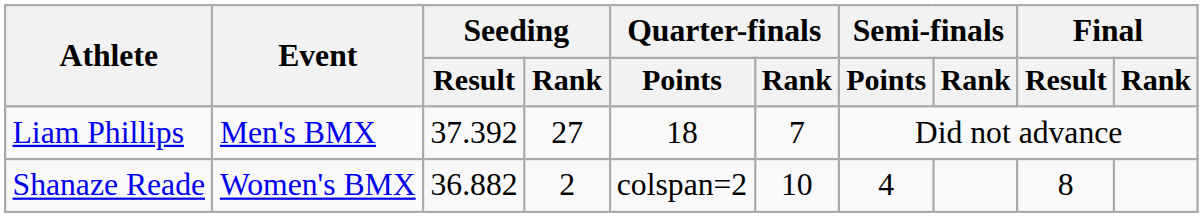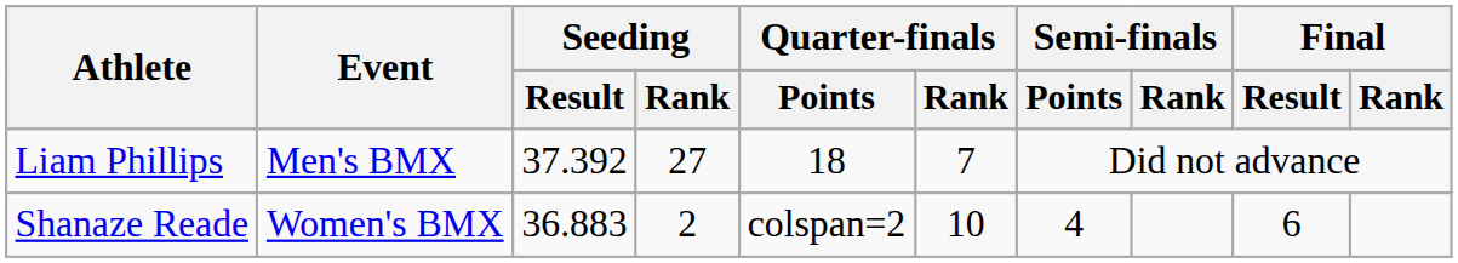 <table class=wikitable style="font-size:90%">
 <tr>
 <th rowspan="2">Athlete</th>
 <th rowspan="2">Event</th>
 <th colspan="2">Seeding</th>
 <th colspan="2">Quarter-finals</th>
 <th colspan="2">Semi-finals</th>
 <th colspan="2">Final</th>
 </tr>
 <tr style="font-size:95%">
 <th>Result</th>
 <th>Rank</th>
 <th>Points</th>
 <th>Rank</th>
 <th>Points</th>
 <th>Rank</th>
 <th>Result</th>
 <th>Rank</th>
 </tr>
 <tr align=center>
 <td align=left><a href='#'>Liam Phillips</a></td>
 <td align=left><a href='#'>Men's BMX</a></td>
 <td>37.392</td>
 <td>27</td>
 <td>18</td>
 <td>7</td>
 <td colspan=4>Did not advance</td>
 </tr>
 <tr align=center>
 <td align=left><a href='#'>Shanaze Reade</a></td>
 <td align=left><a href='#'>Women's BMX</a></td>
-<td>36.882</td>
+<td>36.883</td>
 <td>2</td>
 <td>colspan=2 </td>
 <td>10</td>
 <td>4</td>
 <td></td>
-<td>8</td>
+<td>6</td>
 </tr>
 </table>
